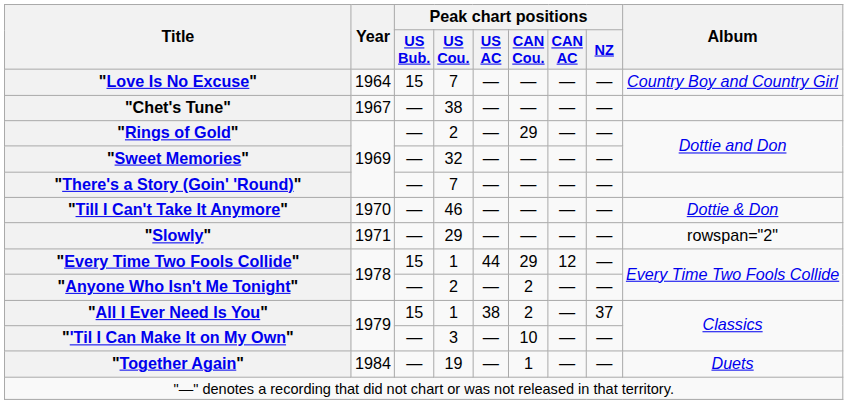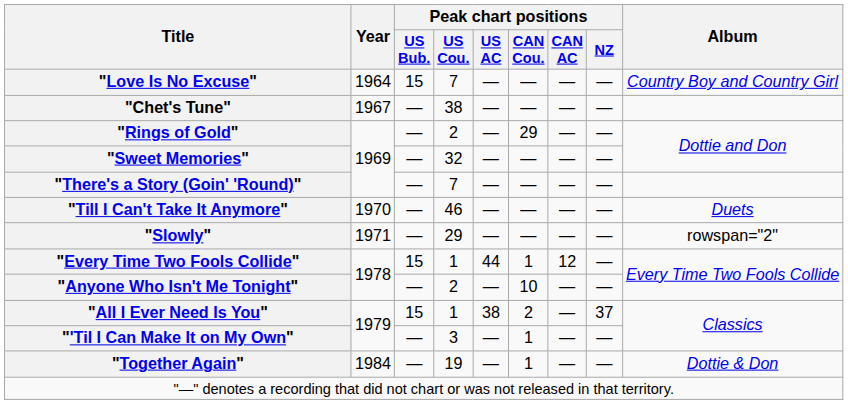 <table class="wikitable plainrowheaders" style="text-align:center;" border="1">
 <tr>
 <th scope="col" rowspan="2" style="width:21em;">Title</th>
 <th scope="col" rowspan="2">Year</th>
 <th scope="col" colspan="6">Peak chart positions</th>
 <th scope="col" rowspan="2">Album</th>
 </tr>
 <tr>
 <th scope="col" style="width:2em;font-size:90%;"><a href='#'>US<br>Bub.</a><br></th>
 <th scope="col" style="width:2em;font-size:90%;"><a href='#'>US<br>Cou.</a><br></th>
 <th scope="col" style="width:2em;font-size:90%;"><a href='#'>US<br>AC</a><br></th>
 <th scope="col" style="width:2em;font-size:90%;"><a href='#'>CAN<br>Cou.</a><br></th>
 <th scope="col" style="width:2em;font-size:90%;"><a href='#'>CAN<br>AC</a><br></th>
 <th scope="col" style="width:2em;font-size:90%;"><a href='#'>NZ</a><br></th>
 </tr>
 <tr>
 <th scope="row">"<a href='#'>Love Is No Excuse</a>"<br></th>
 <td>1964</td>
 <td>15</td>
 <td>7</td>
 <td>—</td>
 <td>—</td>
 <td>—</td>
 <td>—</td>
 <td><em><a href='#'>Country Boy and Country Girl</a></em></td>
 </tr>
 <tr>
 <th scope="row">"Chet's Tune"<br></th>
 <td>1967</td>
 <td>—</td>
 <td>38</td>
 <td>—</td>
 <td>—</td>
 <td>—</td>
 <td>—</td>
 </tr>
 <tr>
 <th scope="row">"<a href='#'>Rings of Gold</a>"<br></th>
 <td rowspan="3">1969</td>
 <td>—</td>
 <td>2</td>
 <td>—</td>
 <td>29</td>
 <td>—</td>
 <td>—</td>
 <td rowspan="2"><em><a href='#'>Dottie and Don</a></em></td>
 </tr>
 <tr>
 <th scope="row">"<a href='#'>Sweet Memories</a>"<br></th>
 <td>—</td>
 <td>32</td>
 <td>—</td>
 <td>—</td>
 <td>—</td>
 <td>—</td>
 </tr>
 <tr>
 <th scope="row">"<a href='#'>There's a Story (Goin' 'Round)</a>"<br></th>
 <td>—</td>
 <td>7</td>
 <td>—</td>
 <td>—</td>
 <td>—</td>
 <td>—</td>
 <td></td>
 </tr>
 <tr>
 <th scope="row">"<a href='#'>Till I Can't Take It Anymore</a>"<br></th>
 <td>1970</td>
 <td>—</td>
 <td>46</td>
 <td>—</td>
 <td>—</td>
 <td>—</td>
 <td>—</td>
-<td><em><a href='#'>Dottie & Don</a></em></td>
+<td><em><a href='#'>Duets</a></em></td>
 </tr>
 <tr>
 <th scope="row">"<a href='#'>Slowly</a>"<br></th>
 <td>1971</td>
 <td>—</td>
 <td>29</td>
 <td>—</td>
 <td>—</td>
 <td>—</td>
 <td>—</td>
 <td>rowspan="2" </td>
 </tr>
 <tr>
 <th scope="row">"<a href='#'>Every Time Two Fools Collide</a>"<br></th>
 <td rowspan="2">1978</td>
 <td>15</td>
 <td>1</td>
 <td>44</td>
-<td>29</td>
+<td>1</td>
 <td>12</td>
 <td>—</td>
 <td rowspan="2"><em><a href='#'>Every Time Two Fools Collide</a></em></td>
 </tr>
 <tr>
 <th scope="row">"<a href='#'>Anyone Who Isn't Me Tonight</a>"<br></th>
 <td>—</td>
 <td>2</td>
 <td>—</td>
-<td>2</td>
+<td>10</td>
 <td>—</td>
 <td>—</td>
 </tr>
 <tr>
 <th scope="row">"<a href='#'>All I Ever Need Is You</a>"<br></th>
 <td rowspan="2">1979</td>
 <td>15</td>
 <td>1</td>
 <td>38</td>
 <td>2</td>
 <td>—</td>
 <td>37</td>
 <td rowspan="2"><em><a href='#'>Classics</a></em></td>
 </tr>
 <tr>
 <th scope="row">"<a href='#'>'Til I Can Make It on My Own</a>"<br></th>
 <td>—</td>
 <td>3</td>
 <td>—</td>
-<td>10</td>
+<td>1</td>
 <td>—</td>
 <td>—</td>
 </tr>
 <tr>
 <th scope="row">"<a href='#'>Together Again</a>"<br></th>
 <td>1984</td>
 <td>—</td>
 <td>19</td>
 <td>—</td>
 <td>1</td>
 <td>—</td>
 <td>—</td>
-<td><em><a href='#'>Duets</a></em></td>
+<td><em><a href='#'>Dottie & Don</a></em></td>
 </tr>
 <tr>
 <td colspan="9" style="font-size:90%">"—" denotes a recording that did not chart or was not released in that territory.</td>
 </tr>
 </table>
